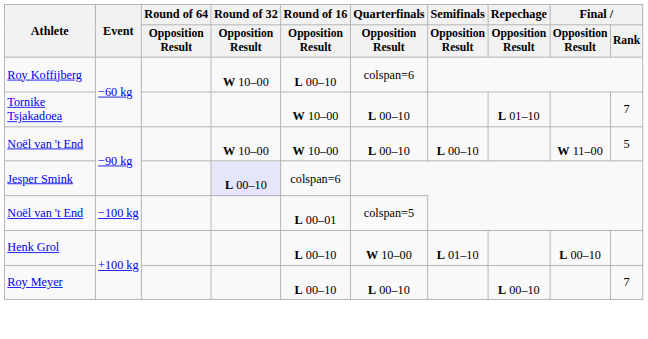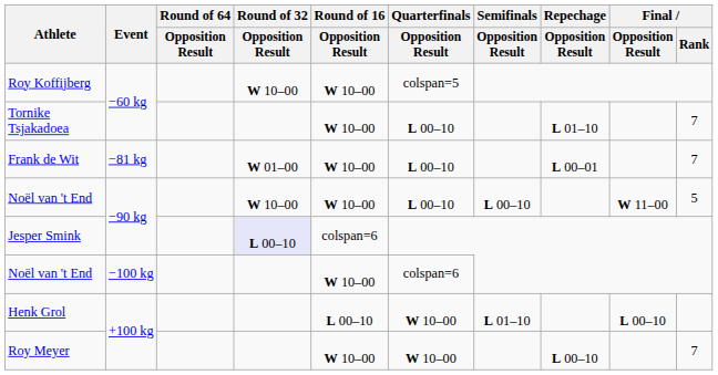 <table class="wikitable" style="text-align:center; font-size:90%">
 <tr>
 <th rowspan=2 width=100>Athlete</th>
 <th rowspan=2>Event</th>
 <th>Round of 64</th>
 <th>Round of 32</th>
 <th>Round of 16</th>
 <th>Quarterfinals</th>
 <th>Semifinals</th>
 <th>Repechage</th>
 <th colspan=2>Final / </th>
 </tr>
 <tr style="font-size:95%">
 <th>Opposition<br>Result</th>
 <th>Opposition<br>Result</th>
 <th>Opposition<br>Result</th>
 <th>Opposition<br>Result</th>
 <th>Opposition<br>Result</th>
 <th>Opposition<br>Result</th>
 <th>Opposition<br>Result</th>
 <th>Rank</th>
 </tr>
 <tr>
 <td align=left><a href='#'>Roy Koffijberg</a></td>
 <td rowspan=2 align=left><a href='#'>−60 kg</a></td>
 <td></td>
 <td><br><strong>W</strong> 10–00</td>
-<td><br><strong>L</strong> 00–10</td>
-<td>colspan=6 </td>
+<td><br><strong>W</strong> 10–00</td>
+<td>colspan=5 </td>
 </tr>
 <tr>
 <td align=left><a href='#'>Tornike Tsjakadoea</a></td>
 <td></td>
 <td></td>
 <td><br><strong>W</strong> 10–00</td>
 <td><br><strong>L</strong> 00–10</td>
 <td></td>
 <td><br><strong>L</strong> 01–10</td>
+<td></td>
+<td>7</td>
+</tr>
+<tr>
+<td align=left><a href='#'>Frank de Wit</a></td>
+<td align=left><a href='#'>−81 kg</a></td>
+<td></td>
+<td><br><strong>W</strong> 01–00</td>
+<td><br><strong>W</strong> 10–00</td>
+<td><br><strong>L</strong> 00–10</td>
+<td></td>
+<td><br><strong>L</strong> 00–01</td>
 <td></td>
 <td>7</td>
 </tr>
 <tr>
 <td align=left><a href='#'>Noël van 't End</a></td>
 <td rowspan=2 align=left><a href='#'>−90 kg</a></td>
 <td></td>
 <td><br><strong>W</strong> 10–00</td>
 <td><br><strong>W</strong> 10–00</td>
 <td><br><strong>L</strong> 00–10</td>
 <td><br><strong>L</strong> 00–10</td>
 <td></td>
 <td><br><strong>W</strong> 11–00</td>
 <td>5</td>
 </tr>
 <tr>
 <td align=left><a href='#'>Jesper Smink</a></td>
 <td></td>
 <td style="background: lavender;"><br><strong>L</strong> 00–10</td>
 <td>colspan=6 </td>
 </tr>
 <tr>
 <td align=left><a href='#'>Noël van 't End</a></td>
 <td align=left><a href='#'>−100 kg</a></td>
 <td></td>
 <td></td>
-<td><br><strong>L</strong> 00–01</td>
-<td>colspan=5 </td>
+<td><br><strong>W</strong> 10–00</td>
+<td>colspan=6 </td>
 </tr>
 <tr>
 <td align=left><a href='#'>Henk Grol</a></td>
 <td rowspan=2 align=left><a href='#'>+100 kg</a></td>
 <td></td>
 <td></td>
 <td><br><strong>L</strong> 00–10</td>
 <td><br><strong>W</strong> 10–00</td>
 <td><br><strong>L</strong> 01–10</td>
 <td></td>
 <td><br><strong>L</strong> 00–10</td>
 <td></td>
 </tr>
 <tr>
 <td align=left><a href='#'>Roy Meyer</a></td>
 <td></td>
 <td></td>
-<td><br><strong>L</strong> 00–10</td>
-<td><br><strong>L</strong> 00–10</td>
+<td><br><strong>W</strong> 10–00</td>
+<td><br><strong>W</strong> 10–00</td>
 <td></td>
 <td><br><strong>L</strong> 00–10</td>
 <td></td>
 <td>7</td>
 </tr>
 </table>
